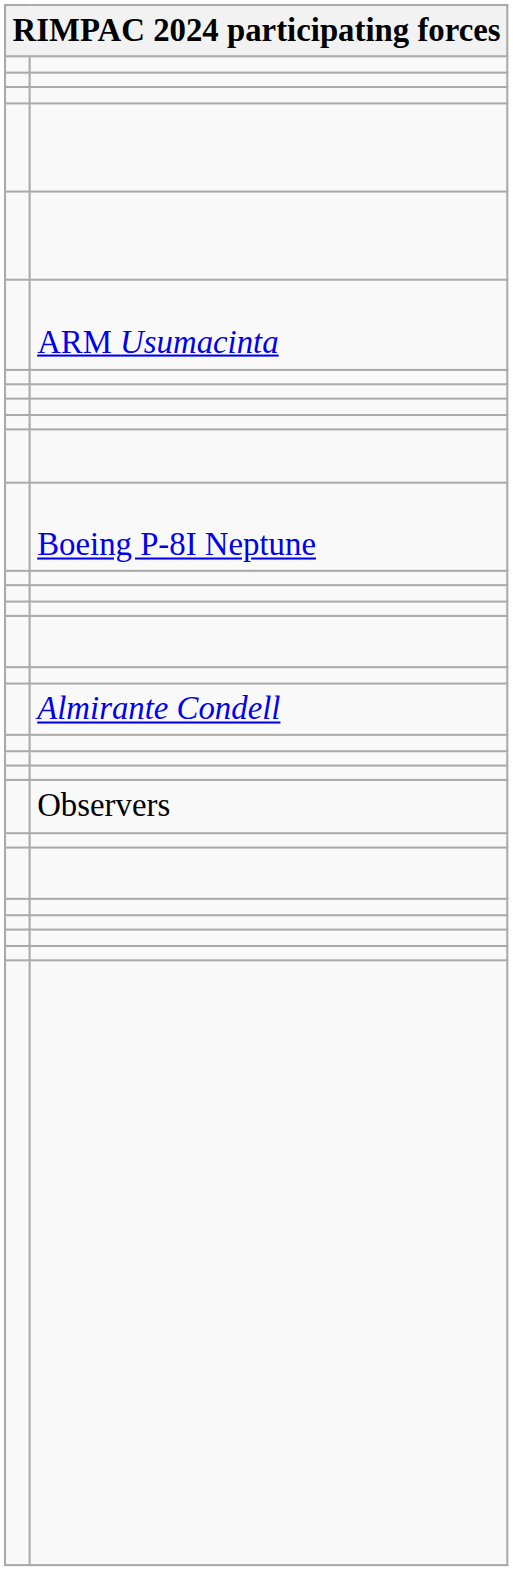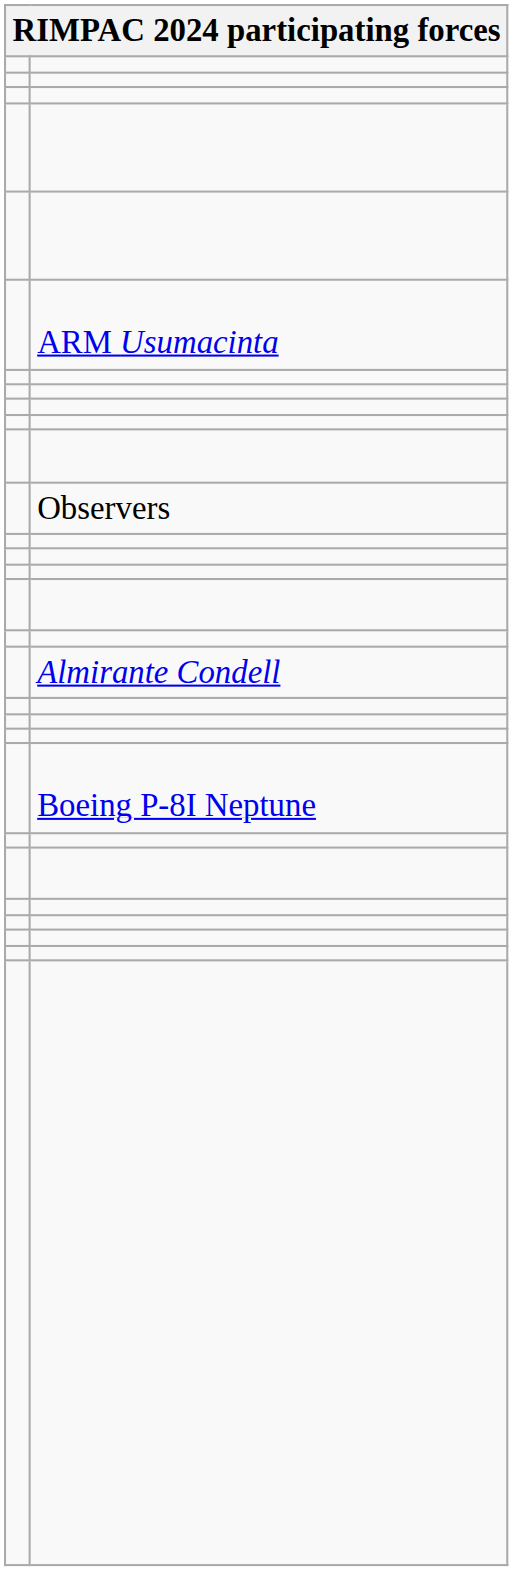 <table class="wikitable collapsible collapsed">
 <tr>
 <th colspan="2">RIMPAC 2024 participating forces</th>
 </tr>
 <tr>
 <td></td>
 <td></td>
 </tr>
 <tr>
 <td></td>
 <td></td>
 </tr>
 <tr>
 <td></td>
 <td></td>
 </tr>
 <tr>
 <td></td>
 <td><br> <br> </td>
 </tr>
 <tr>
 <td></td>
 <td><br><br></td>
 </tr>
 <tr>
 <td></td>
 <td><br><a href='#'>ARM <em>Usumacinta</em></a></td>
 </tr>
 <tr>
 <td></td>
 <td></td>
 </tr>
 <tr>
 <td></td>
 <td></td>
 </tr>
 <tr>
 <td></td>
 <td></td>
 </tr>
 <tr>
 <td></td>
 <td></td>
 </tr>
 <tr>
 <td></td>
 <td><br></td>
 </tr>
 <tr>
 <td></td>
-<td><br><a href='#'>Boeing P-8I Neptune</a></td>
+<td>Observers</td>
 </tr>
 <tr>
 <td></td>
 <td></td>
 </tr>
 <tr>
 <td></td>
 <td></td>
 </tr>
 <tr>
 <td></td>
 <td></td>
 </tr>
 <tr>
 <td></td>
 <td><br></td>
 </tr>
 <tr>
 <td></td>
 <td></td>
 </tr>
 <tr>
 <td></td>
 <td><a href='#'><em>Almirante Condell</em></a></td>
 </tr>
 <tr>
 <td></td>
 <td></td>
 </tr>
 <tr>
 <td></td>
 <td></td>
 </tr>
 <tr>
 <td></td>
 <td></td>
 </tr>
 <tr>
 <td></td>
-<td>Observers</td>
+<td><br><a href='#'>Boeing P-8I Neptune</a></td>
 </tr>
 <tr>
 <td></td>
 <td></td>
 </tr>
 <tr>
 <td></td>
 <td><br></td>
 </tr>
 <tr>
 <td></td>
 <td></td>
 </tr>
 <tr>
 <td></td>
 <td></td>
 </tr>
 <tr>
 <td></td>
 <td></td>
 </tr>
 <tr>
 <td></td>
 <td></td>
 </tr>
 <tr>
 <td></td>
 <td><br><br><br><br><br><br><br><br><br><br><br><br><br><br><br><br></td>
 </tr>
 </table>
